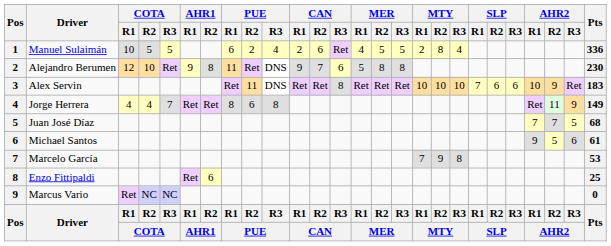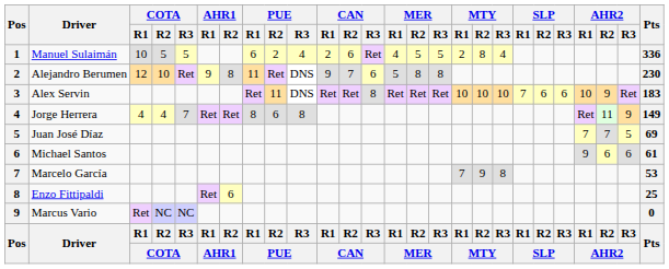 <table class="wikitable" style="font-size: 85%; text-align:center">
 <tr>
 <th rowspan=2>Pos</th>
 <th rowspan=2>Driver</th>
 <th colspan=3><a href='#'>COTA</a><br></th>
 <th colspan=2><a href='#'>AHR1</a><br></th>
 <th colspan=3><a href='#'>PUE</a><br></th>
 <th colspan=3><a href='#'>CAN</a><br></th>
 <th colspan=3><a href='#'>MER</a><br></th>
 <th colspan=3><a href='#'>MTY</a><br></th>
 <th colspan=3><a href='#'>SLP</a><br></th>
 <th colspan=3><a href='#'>AHR2</a><br></th>
 <th rowspan=2>Pts</th>
 </tr>
 <tr>
 <th>R1</th>
 <th>R2</th>
 <th>R3</th>
 <th>R1</th>
 <th>R2</th>
 <th>R1</th>
 <th>R2</th>
 <th>R3</th>
 <th>R1</th>
 <th>R2</th>
 <th>R3</th>
 <th>R1</th>
 <th>R2</th>
 <th>R3</th>
 <th>R1</th>
 <th>R2</th>
 <th>R3</th>
 <th>R1</th>
 <th>R2</th>
 <th>R3</th>
 <th>R1</th>
 <th>R2</th>
 <th>R3</th>
 </tr>
 <tr>
 <th>1</th>
 <td style="text-align:left"> <a href='#'>Manuel Sulaimán</a></td>
 <td style="background:#dfdfdf">10</td>
 <td style="background:#dfdfdf">5</td>
 <td style="background:#ffffbf">5</td>
 <td></td>
 <td></td>
 <td style="background:#ffffbf">6</td>
 <td style="background:#ffffbf">2</td>
 <td style="background:#ffffbf">4</td>
 <td style="background:#ffffbf">2</td>
 <td style="background:#ffffbf">6</td>
 <td style="background:#efcfff">Ret</td>
 <td style="background:#ffffbf">4</td>
 <td style="background:#ffffbf">5</td>
 <td style="background:#ffffbf">5</td>
 <td style="background:#ffffbf">2</td>
 <td style="background:#ffffbf">8</td>
 <td style="background:#ffffbf">4</td>
 <td></td>
 <td></td>
 <td></td>
 <td></td>
 <td></td>
 <td></td>
 <th>336</th>
 </tr>
 <tr>
 <th>2</th>
 <td style="text-align:left"> Alejandro Berumen</td>
 <td style="background:#ffdf9f">12</td>
 <td style="background:#ffdf9f">10</td>
 <td style="background:#efcfff">Ret</td>
 <td style="background:#ffffbf">9</td>
 <td style="background:#dfdfdf">8</td>
 <td style="background:#ffdf9f">11</td>
 <td style="background:#efcfff">Ret</td>
 <td style="background:#ffffff">DNS</td>
 <td style="background:#dfdfdf">9</td>
 <td style="background:#dfdfdf">7</td>
 <td style="background:#ffffbf">6</td>
 <td style="background:#dfdfdf">5</td>
 <td style="background:#dfdfdf">8</td>
 <td style="background:#dfdfdf">8</td>
 <td></td>
 <td></td>
 <td></td>
 <td></td>
 <td></td>
 <td></td>
 <td></td>
 <td></td>
 <td></td>
 <th>230</th>
 </tr>
 <tr>
 <th>3</th>
 <td style="text-align:left"> Alex Servin</td>
 <td></td>
 <td></td>
 <td></td>
 <td></td>
 <td></td>
 <td style="background:#efcfff">Ret</td>
 <td style="background:#ffdf9f">11</td>
 <td style="background:#ffffff">DNS</td>
 <td style="background:#efcfff">Ret</td>
 <td style="background:#efcfff">Ret</td>
 <td style="background:#dfdfdf">8</td>
 <td style="background:#efcfff">Ret</td>
 <td style="background:#efcfff">Ret</td>
 <td style="background:#efcfff">Ret</td>
 <td style="background:#ffdf9f">10</td>
 <td style="background:#ffdf9f">10</td>
 <td style="background:#ffdf9f">10</td>
 <td style="background:#ffffbf">7</td>
 <td style="background:#ffffbf">6</td>
 <td style="background:#ffffbf">6</td>
 <td style="background:#ffdf9f">10</td>
 <td style="background:#ffdf9f">9</td>
 <td style="background:#efcfff">Ret</td>
 <th>183</th>
 </tr>
 <tr>
 <th>4</th>
 <td style="text-align:left"> Jorge Herrera</td>
 <td style="background:#ffffbf">4</td>
 <td style="background:#ffffbf">4</td>
 <td style="background:#dfdfdf">7</td>
 <td style="background:#efcfff">Ret</td>
 <td style="background:#efcfff">Ret</td>
 <td style="background:#dfdfdf">8</td>
 <td style="background:#dfdfdf">6</td>
 <td style="background:#dfdfdf">8</td>
 <td></td>
 <td></td>
 <td></td>
 <td></td>
 <td></td>
 <td></td>
 <td></td>
 <td></td>
 <td></td>
 <td></td>
 <td></td>
 <td></td>
 <td style="background:#efcfff">Ret</td>
 <td style="background:#dfffdf;">11</td>
 <td style="background:#ffdf9f">9</td>
 <th>149</th>
 </tr>
 <tr>
 <th>5</th>
 <td style="text-align:left"> Juan José Díaz</td>
 <td></td>
 <td></td>
 <td></td>
 <td></td>
 <td></td>
 <td></td>
 <td></td>
 <td></td>
 <td></td>
 <td></td>
 <td></td>
 <td></td>
 <td></td>
 <td></td>
 <td></td>
 <td></td>
 <td></td>
 <td></td>
 <td></td>
 <td></td>
 <td style="background:#ffffbf">7</td>
 <td style="background:#dfdfdf">7</td>
 <td style="background:#ffffbf">5</td>
-<th>68</th>
+<th>69</th>
 </tr>
 <tr>
 <th>6</th>
 <td style="text-align:left"> Michael Santos</td>
 <td></td>
 <td></td>
 <td></td>
 <td></td>
 <td></td>
 <td></td>
 <td></td>
 <td></td>
 <td></td>
 <td></td>
 <td></td>
 <td></td>
 <td></td>
 <td></td>
 <td></td>
 <td></td>
 <td></td>
 <td></td>
 <td></td>
 <td></td>
 <td style="background:#dfdfdf">9</td>
-<td style="background:#ffffbf">5</td>
+<td style="background:#ffffbf">6</td>
 <td style="background:#dfdfdf">6</td>
 <th>61</th>
 </tr>
 <tr>
 <th>7</th>
 <td style="text-align:left"> Marcelo García</td>
 <td></td>
 <td></td>
 <td></td>
 <td></td>
 <td></td>
 <td></td>
 <td></td>
 <td></td>
 <td></td>
 <td></td>
 <td></td>
 <td></td>
 <td></td>
 <td></td>
 <td style="background:#dfdfdf">7</td>
 <td style="background:#dfdfdf">9</td>
 <td style="background:#dfdfdf">8</td>
 <td></td>
 <td></td>
 <td></td>
 <td></td>
 <td></td>
 <td></td>
 <th>53</th>
 </tr>
 <tr>
 <th>8</th>
 <td style="text-align:left"> <a href='#'>Enzo Fittipaldi</a></td>
 <td></td>
 <td></td>
 <td></td>
 <td style="background:#efcfff">Ret</td>
 <td style="background:#ffffbf">6</td>
 <td></td>
 <td></td>
 <td></td>
 <td></td>
 <td></td>
 <td></td>
 <td></td>
 <td></td>
 <td></td>
 <td></td>
 <td></td>
 <td></td>
 <td></td>
 <td></td>
 <td></td>
 <td></td>
 <td></td>
 <td></td>
 <th>25</th>
 </tr>
 <tr>
 <th>9</th>
 <td style="text-align:left"> Marcus Vario</td>
 <td style="background:#efcfff">Ret</td>
 <td style="background:#cfcfff">NC</td>
 <td style="background:#cfcfff">NC</td>
 <td></td>
 <td></td>
 <td></td>
 <td></td>
 <td></td>
 <td></td>
 <td></td>
 <td></td>
 <td></td>
 <td></td>
 <td></td>
 <td></td>
 <td></td>
 <td></td>
 <td></td>
 <td></td>
 <td></td>
 <td></td>
 <td></td>
 <td></td>
 <th>0</th>
 </tr>
 <tr>
 <th rowspan=2>Pos</th>
 <th rowspan=2>Driver</th>
 <th>R1</th>
 <th>R2</th>
 <th>R3</th>
 <th>R1</th>
 <th>R2</th>
 <th>R1</th>
 <th>R2</th>
 <th>R3</th>
 <th>R1</th>
 <th>R2</th>
 <th>R3</th>
 <th>R1</th>
 <th>R2</th>
 <th>R3</th>
 <th>R1</th>
 <th>R2</th>
 <th>R3</th>
 <th>R1</th>
 <th>R2</th>
 <th>R3</th>
 <th>R1</th>
 <th>R2</th>
 <th>R3</th>
 <th rowspan=2>Pts</th>
 </tr>
 <tr>
 <th colspan=3><a href='#'>COTA</a><br></th>
 <th colspan=2><a href='#'>AHR1</a><br></th>
 <th colspan=3><a href='#'>PUE</a><br></th>
 <th colspan=3><a href='#'>CAN</a><br></th>
 <th colspan=3><a href='#'>MER</a><br></th>
 <th colspan=3><a href='#'>MTY</a><br></th>
 <th colspan=3><a href='#'>SLP</a><br></th>
 <th colspan=3><a href='#'>AHR2</a><br></th>
 </tr>
 </table>
